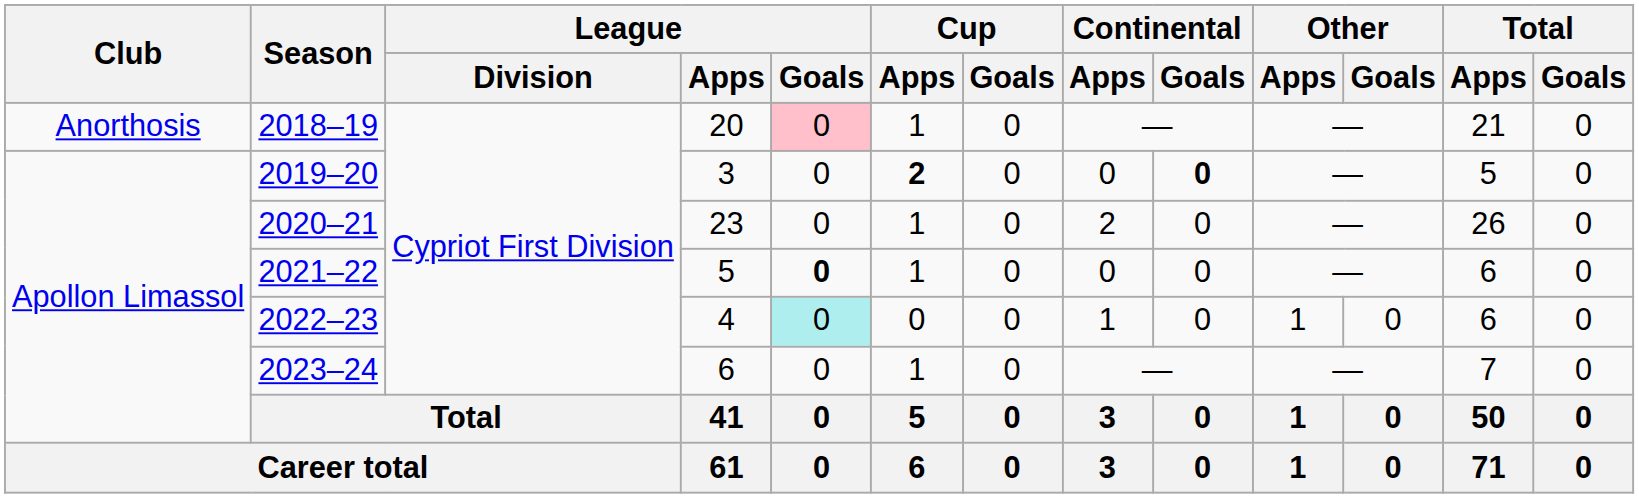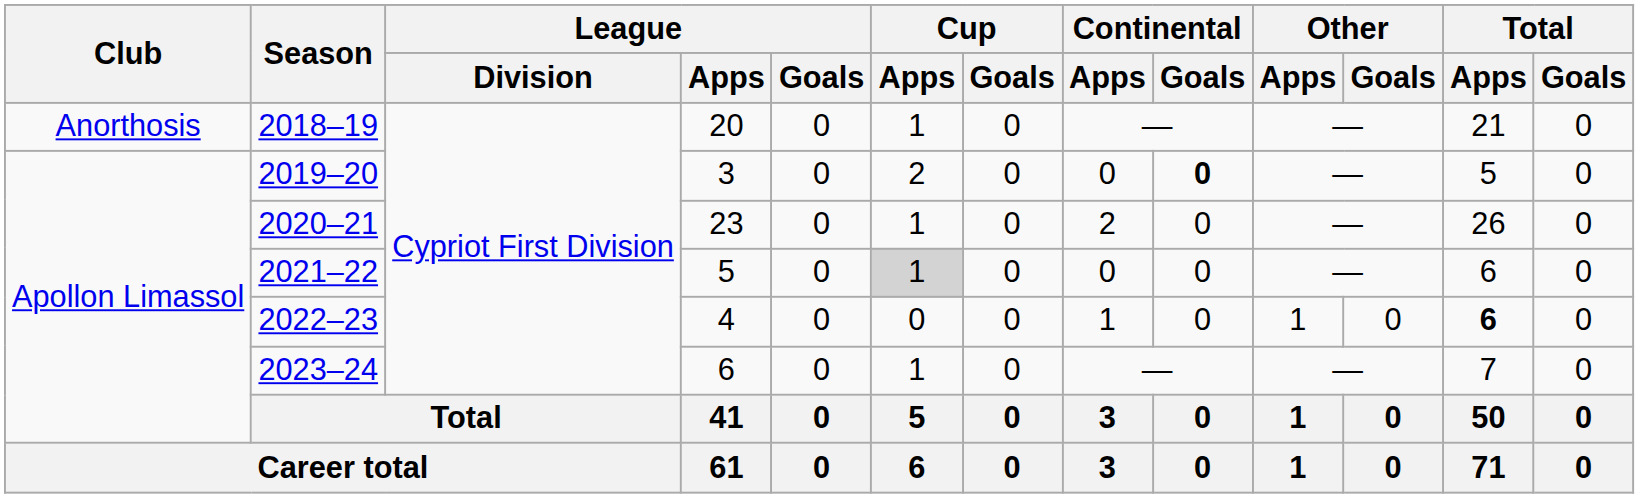 <table class="wikitable" style="text-align:center">
 <tr>
 <th rowspan="2">Club</th>
 <th rowspan="2">Season</th>
 <th colspan="3">League</th>
 <th colspan="2">Cup</th>
 <th colspan="2">Continental</th>
 <th colspan="2">Other</th>
 <th colspan="2">Total</th>
 </tr>
 <tr>
 <th>Division</th>
 <th>Apps</th>
 <th>Goals</th>
 <th>Apps</th>
 <th>Goals</th>
 <th>Apps</th>
 <th>Goals</th>
 <th>Apps</th>
 <th>Goals</th>
 <th>Apps</th>
 <th>Goals</th>
 </tr>
 <tr>
 <td><a href='#'>Anorthosis</a></td>
 <td><a href='#'>2018–19</a></td>
 <td rowspan="6"><a href='#'>Cypriot First Division</a></td>
 <td>20</td>
-<td style="background: pink;">0</td>
+<td>0</td>
 <td>1</td>
 <td>0</td>
 <td colspan="2">—</td>
 <td colspan="2">—</td>
 <td>21</td>
 <td>0</td>
 </tr>
 <tr>
 <td rowspan="6"><a href='#'>Apollon Limassol</a></td>
 <td><a href='#'>2019–20</a></td>
 <td>3</td>
 <td>0</td>
-<td><strong>2</strong></td>
+<td>2</td>
 <td>0</td>
 <td>0</td>
 <td><strong>0</strong></td>
 <td colspan="2">—</td>
 <td>5</td>
 <td>0</td>
 </tr>
 <tr>
 <td><a href='#'>2020–21</a></td>
 <td>23</td>
 <td>0</td>
 <td>1</td>
 <td>0</td>
 <td>2</td>
 <td>0</td>
 <td colspan="2">—</td>
 <td>26</td>
 <td>0</td>
 </tr>
 <tr>
 <td><a href='#'>2021–22</a></td>
 <td>5</td>
-<td><strong>0</strong></td>
-<td>1</td>
+<td>0</td>
+<td style="background: lightgrey;">1</td>
 <td>0</td>
 <td>0</td>
 <td>0</td>
 <td colspan="2">—</td>
 <td>6</td>
 <td>0</td>
 </tr>
 <tr>
 <td><a href='#'>2022–23</a></td>
 <td>4</td>
-<td style="background: paleturquoise;">0</td>
+<td>0</td>
 <td>0</td>
 <td>0</td>
 <td>1</td>
 <td>0</td>
 <td>1</td>
 <td>0</td>
-<td>6</td>
+<td><strong>6</strong></td>
 <td>0</td>
 </tr>
 <tr>
 <td><a href='#'>2023–24</a></td>
 <td>6</td>
 <td>0</td>
 <td>1</td>
 <td>0</td>
 <td colspan="2">—</td>
 <td colspan="2">—</td>
 <td>7</td>
 <td>0</td>
 </tr>
 <tr>
 <th colspan="2">Total</th>
 <th>41</th>
 <th>0</th>
 <th>5</th>
 <th>0</th>
 <th>3</th>
 <th>0</th>
 <th>1</th>
 <th>0</th>
 <th>50</th>
 <th>0</th>
 </tr>
 <tr>
 <th colspan="3">Career total</th>
 <th>61</th>
 <th>0</th>
 <th>6</th>
 <th>0</th>
 <th>3</th>
 <th>0</th>
 <th>1</th>
 <th>0</th>
 <th>71</th>
 <th>0</th>
 </tr>
 </table>
